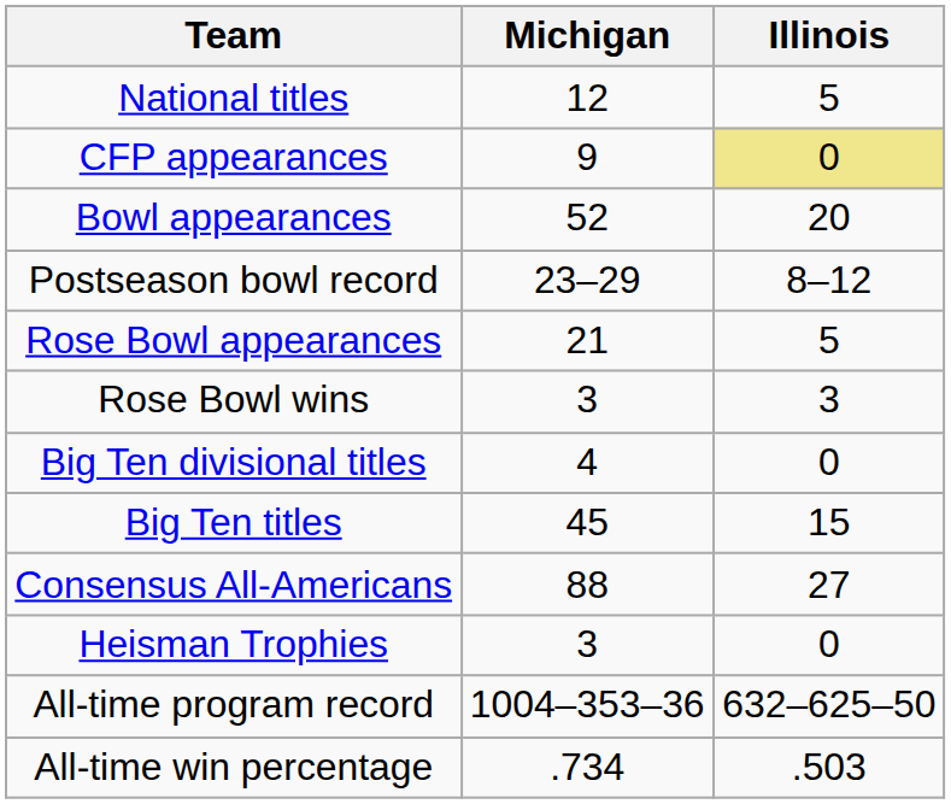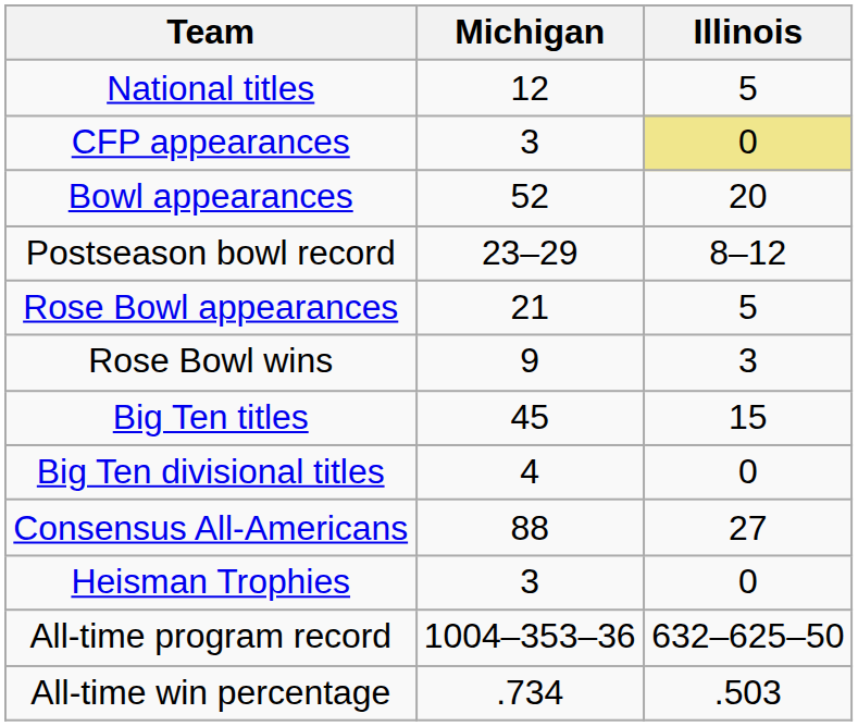 <table class="wikitable" style="text-align:center;">
 <tr>
 <th>Team</th>
 <th>Michigan</th>
 <th>Illinois</th>
 </tr>
 <tr>
 <td><a href='#'>National titles</a></td>
 <td>12</td>
 <td>5</td>
 </tr>
 <tr>
 <td><a href='#'>CFP appearances</a></td>
-<td>9</td>
+<td>3</td>
 <td style="background: khaki;">0</td>
 </tr>
 <tr>
 <td><a href='#'>Bowl appearances</a></td>
 <td>52</td>
 <td>20</td>
 </tr>
 <tr>
 <td>Postseason bowl record</td>
 <td>23–29</td>
 <td>8–12</td>
 </tr>
 <tr>
 <td><a href='#'>Rose Bowl appearances</a></td>
 <td>21</td>
 <td>5</td>
 </tr>
 <tr>
 <td>Rose Bowl wins</td>
+<td>9</td>
 <td>3</td>
-<td>3</td>
+</tr>
+<tr>
+<td><a href='#'>Big Ten titles</a></td>
+<td>45</td>
+<td>15</td>
 </tr>
 <tr>
 <td><a href='#'>Big Ten divisional titles</a></td>
 <td>4</td>
 <td>0</td>
-</tr>
-<tr>
-<td><a href='#'>Big Ten titles</a></td>
-<td>45</td>
-<td>15</td>
 </tr>
 <tr>
 <td><a href='#'>Consensus All-Americans</a></td>
 <td>88</td>
 <td>27</td>
 </tr>
 <tr>
 <td><a href='#'>Heisman Trophies</a></td>
 <td>3</td>
 <td>0</td>
 </tr>
 <tr>
 <td>All-time program record</td>
 <td>1004–353–36</td>
 <td>632–625–50</td>
 </tr>
 <tr>
 <td>All-time win percentage</td>
 <td>.734</td>
 <td>.503</td>
 </tr>
 </table>
